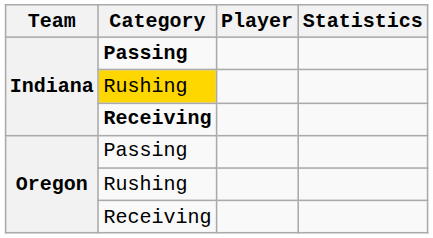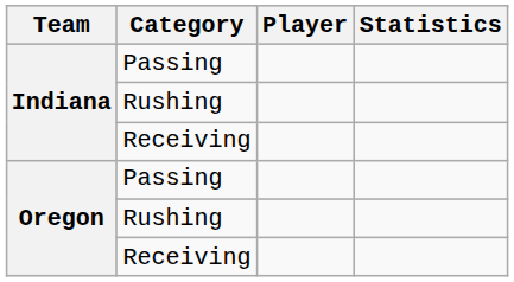 <table class="wikitable" style="float:right">
 <tr>
 <th>Team</th>
 <th>Category</th>
 <th>Player</th>
 <th>Statistics</th>
 </tr>
 <tr>
 <th rowspan=3>Indiana</th>
-<td><strong>Passing</strong></td>
+<td>Passing</td>
 <td></td>
 <td></td>
 </tr>
 <tr>
-<td style="background: gold;">Rushing</td>
+<td>Rushing</td>
 <td></td>
 <td></td>
 </tr>
 <tr>
-<td><strong>Receiving</strong></td>
+<td>Receiving</td>
 <td></td>
 <td></td>
 </tr>
 <tr>
 <th rowspan=3>Oregon</th>
 <td>Passing</td>
 <td></td>
 <td></td>
 </tr>
 <tr>
 <td>Rushing</td>
 <td></td>
 <td></td>
 </tr>
 <tr>
 <td>Receiving</td>
 <td></td>
 <td></td>
 </tr>
 </table>
